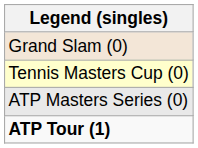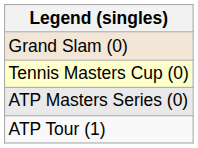 <table class="wikitable">
 <tr>
 <th>Legend (singles)</th>
 </tr>
 <tr style="background:#f3e6d7;">
 <td>Grand Slam (0)</td>
 </tr>
 <tr style="background:#ffc;">
 <td>Tennis Masters Cup (0)</td>
 </tr>
 <tr style="background:#e9e9e9;">
 <td>ATP Masters Series (0)</td>
 </tr>
 <tr>
-<td><strong>ATP Tour (1)</strong></td>
+<td>ATP Tour (1)</td>
 </tr>
 </table>
